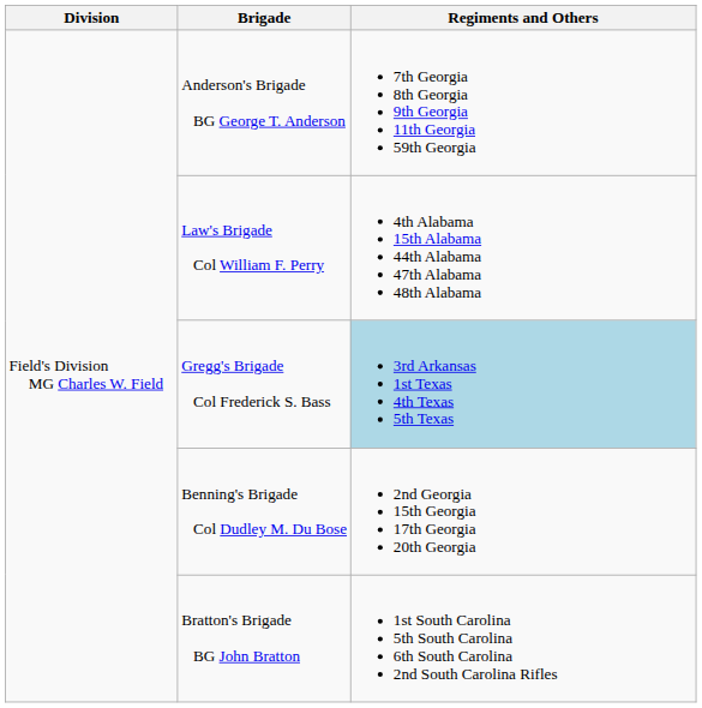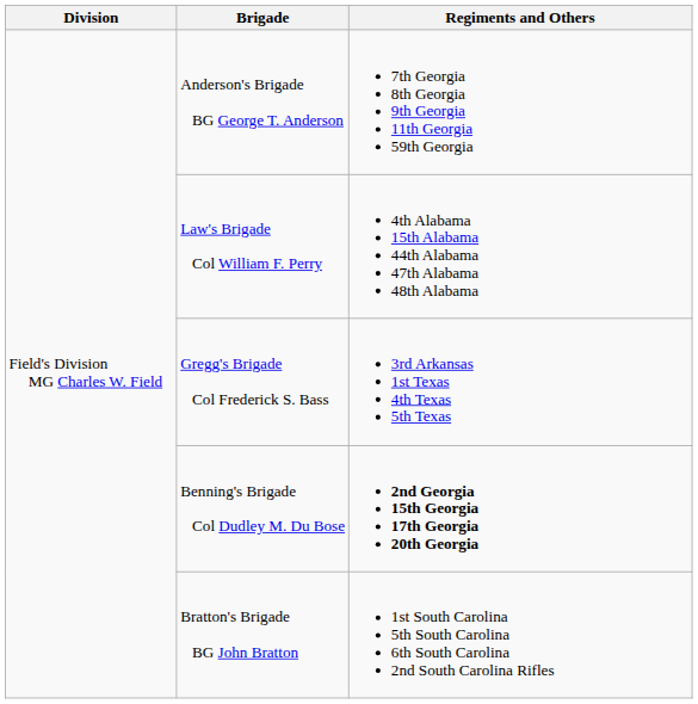 <table class="wikitable">
 <tr>
 <th style="width:25%;">Division</th>
 <th style="width:25%;">Brigade</th>
 <th>Regiments and Others</th>
 </tr>
 <tr>
 <td rowspan=5><br>Field's Division <br>     MG <a href='#'>Charles W. Field</a></td>
 <td>Anderson's Brigade<br><br>   BG <a href='#'>George T. Anderson</a></td>
 <td><br><ul><li>7th Georgia</li><li>8th Georgia</li><li><a href='#'>9th Georgia</a></li><li><a href='#'>11th Georgia</a></li><li>59th Georgia</li></ul></td>
 </tr>
 <tr>
 <td><a href='#'>Law's Brigade</a><br><br>   Col <a href='#'>William F. Perry</a></td>
 <td><br><ul><li>4th Alabama</li><li><a href='#'>15th Alabama</a></li><li>44th Alabama</li><li>47th Alabama</li><li>48th Alabama</li></ul></td>
 </tr>
 <tr>
 <td><a href='#'>Gregg's Brigade</a><br><br>   Col Frederick S. Bass</td>
-<td style="background: lightblue;"><br><ul><li><a href='#'>3rd Arkansas</a></li><li><a href='#'>1st Texas</a></li><li><a href='#'>4th Texas</a></li><li><a href='#'>5th Texas</a></li></ul></td>
+<td><br><ul><li><a href='#'>3rd Arkansas</a></li><li><a href='#'>1st Texas</a></li><li><a href='#'>4th Texas</a></li><li><a href='#'>5th Texas</a></li></ul></td>
 </tr>
 <tr>
 <td>Benning's Brigade<br><br>   Col <a href='#'>Dudley M. Du Bose</a></td>
-<td><br><ul><li>2nd Georgia</li><li>15th Georgia</li><li>17th Georgia</li><li>20th Georgia</li></ul></td>
+<td><strong><br><ul><li>2nd Georgia</li><li>15th Georgia</li><li>17th Georgia</li><li>20th Georgia</li></ul></strong></td>
 </tr>
 <tr>
 <td>Bratton's Brigade<br><br>   BG <a href='#'>John Bratton</a></td>
 <td><br><ul><li>1st South Carolina</li><li>5th South Carolina</li><li>6th South Carolina</li><li>2nd South Carolina Rifles</li></ul></td>
 </tr>
 </table>
